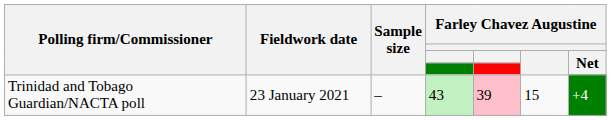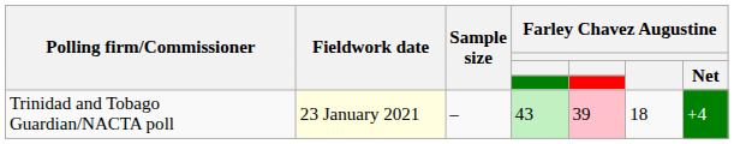 <table class="wikitable style="text-align:center; font-size:90%; line-height:14px;">
 <tr style="height:42px;">
 <th style="width:250px;" rowspan="4">Polling firm/Commissioner</th>
 <th style="width:125px;" rowspan="4">Fieldwork date</th>
 <th style="width:50px;" rowspan="4">Sample size</th>
 <th style="width:185px;" colspan="4">Farley Chavez Augustine <br></th>
 </tr>
 <tr>
 <th colspan="4" style="background:"></th>
 </tr>
 <tr>
 <th style="width:40px;"></th>
 <th style="width:40px;"></th>
 <th style="width:40px;" rowspan="2"></th>
 <th style="width:30px;" rowspan="2">Net</th>
 </tr>
 <tr>
 <th style="color:inherit;background:#008000;"></th>
 <th style="color:inherit;background:#FF0000;"></th>
 </tr>
 <tr>
 <td>Trinidad and Tobago Guardian/NACTA poll</td>
-<td>23 January 2021</td>
+<td style="background: lightyellow;">23 January 2021</td>
 <td>–</td>
 <td style="background:#C1F0C1;">43</td>
 <td style="background: pink;">39</td>
-<td>15</td>
+<td>18</td>
 <td style="background:#008000; color:white;">+4</td>
 </tr>
 </table>
